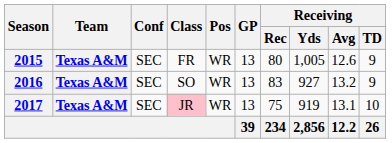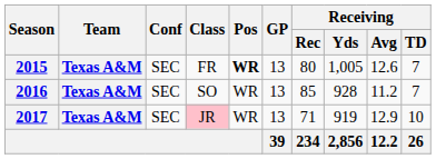 <table class="wikitable" style="text-align: center;">
 <tr>
 <th rowspan="2">Season</th>
 <th rowspan="2">Team</th>
 <th rowspan="2">Conf</th>
 <th rowspan="2">Class</th>
 <th rowspan="2">Pos</th>
 <th rowspan="2">GP</th>
 <th colspan="4">Receiving</th>
 </tr>
 <tr>
 <th>Rec</th>
 <th>Yds</th>
 <th>Avg</th>
 <th>TD</th>
 </tr>
 <tr>
 <th><a href='#'>2015</a></th>
 <th><a href='#'>Texas A&M</a></th>
 <td>SEC</td>
 <td>FR</td>
-<td>WR</td>
+<td><strong>WR</strong></td>
 <td>13</td>
 <td>80</td>
 <td>1,005</td>
 <td>12.6</td>
-<td>9</td>
+<td>7</td>
 </tr>
 <tr>
 <th><a href='#'>2016</a></th>
 <th><a href='#'>Texas A&M</a></th>
 <td>SEC</td>
 <td>SO</td>
 <td>WR</td>
 <td>13</td>
-<td>83</td>
-<td>927</td>
-<td>13.2</td>
-<td>9</td>
+<td>85</td>
+<td>928</td>
+<td>11.2</td>
+<td>7</td>
 </tr>
 <tr>
 <th><a href='#'>2017</a></th>
 <th><a href='#'>Texas A&M</a></th>
 <td>SEC</td>
 <td style="background: pink;">JR</td>
 <td>WR</td>
 <td>13</td>
-<td>75</td>
+<td>71</td>
 <td>919</td>
-<td>13.1</td>
+<td>12.9</td>
 <td>10</td>
 </tr>
 <tr>
 <th colspan="5"></th>
 <th>39</th>
 <th>234</th>
 <th>2,856</th>
 <th>12.2</th>
 <th>26</th>
 </tr>
 </table>
